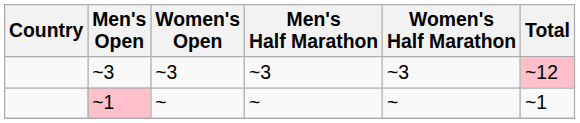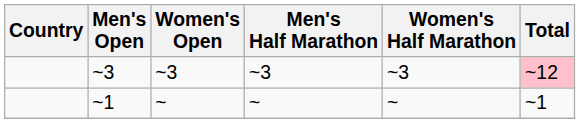 <table class="wikitable sortable">
 <tr>
 <th>Country</th>
 <th>Men's<br>Open</th>
 <th>Women's<br>Open</th>
 <th>Men's<br>Half Marathon</th>
 <th>Women's<br>Half Marathon</th>
 <th>Total</th>
 </tr>
 <tr>
 <td></td>
 <td>~3</td>
 <td>~3</td>
 <td>~3</td>
 <td>~3</td>
 <td style="background: pink;">~12</td>
 </tr>
 <tr>
 <td></td>
-<td style="background: pink;">~1</td>
+<td>~1</td>
 <td>~</td>
 <td>~</td>
 <td>~</td>
 <td>~1</td>
 </tr>
 <tr>
 </tr>
 </table>
